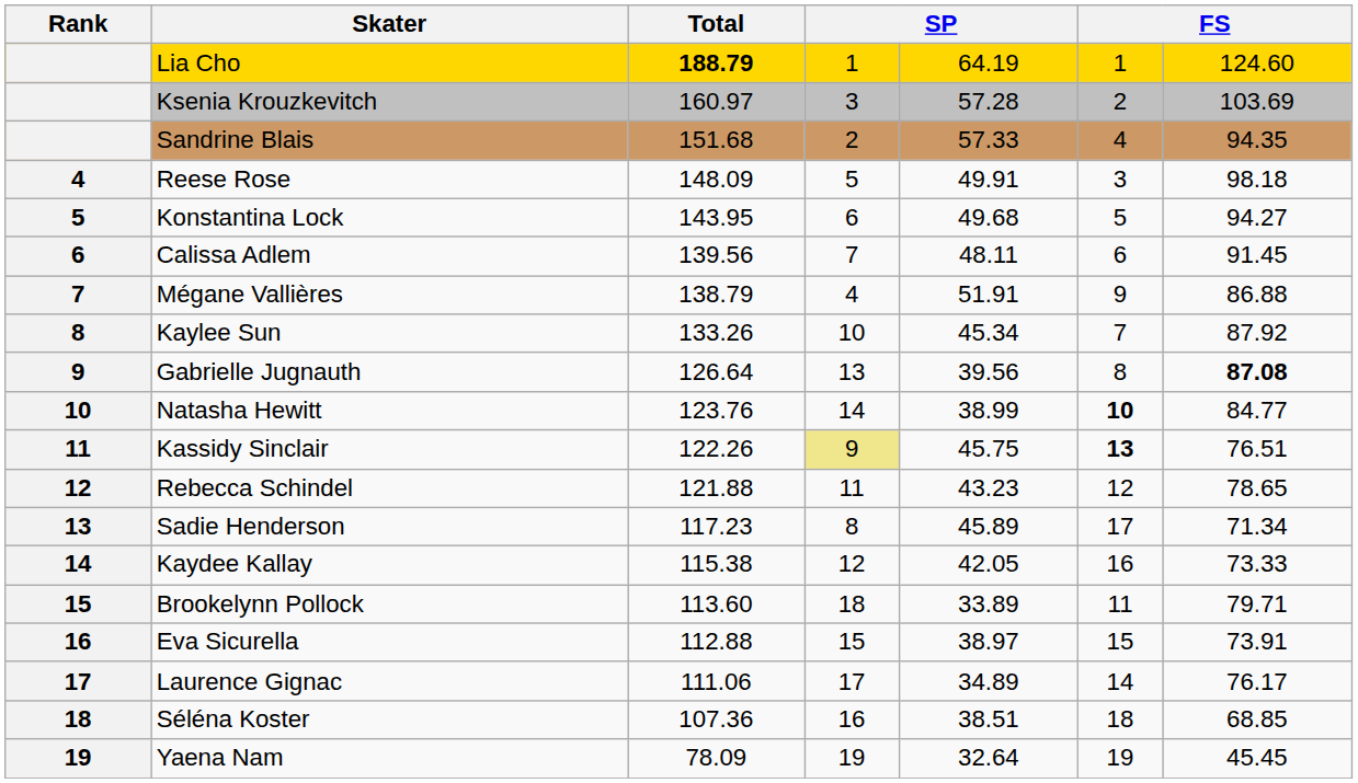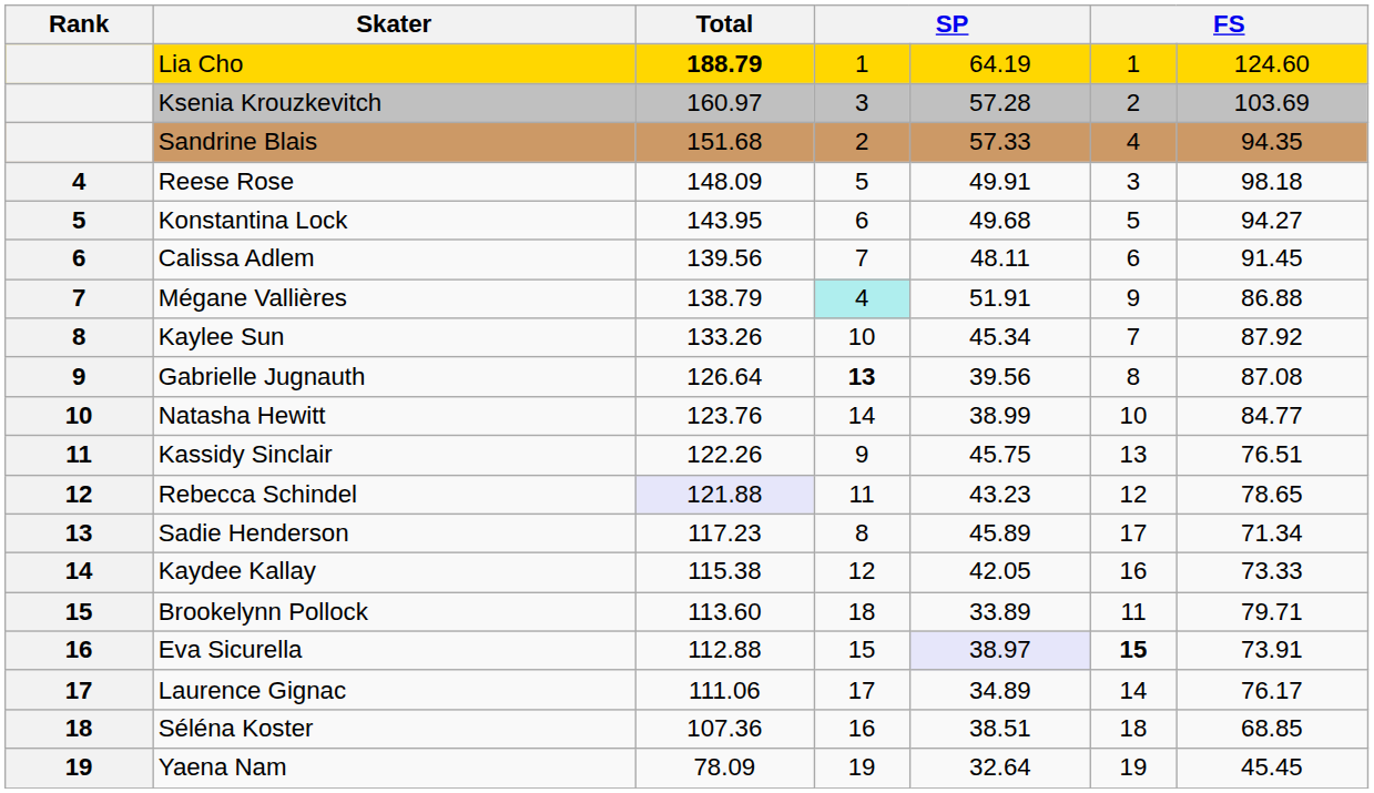 <table class="wikitable sortable" style="text-align:center; width:70%">
 <tr>
 <th scope="col">Rank</th>
 <th scope="col">Skater</th>
 <th scope="col">Total</th>
 <th scope="col" colspan="2" width="80px"><a href='#'>SP</a></th>
 <th scope="col" colspan="2" width="80px"><a href='#'>FS</a></th>
 </tr>
 <tr bgcolor="gold">
 <th scope="row"></th>
 <td align="left">Lia Cho</td>
 <td><strong>188.79</strong></td>
 <td>1</td>
 <td>64.19</td>
 <td>1</td>
 <td>124.60</td>
 </tr>
 <tr bgcolor="silver">
 <th scope="row"></th>
 <td align="left">Ksenia Krouzkevitch</td>
 <td>160.97</td>
 <td>3</td>
 <td>57.28</td>
 <td>2</td>
 <td>103.69</td>
 </tr>
 <tr bgcolor="cc9966">
 <th scope="row"></th>
 <td align="left">Sandrine Blais</td>
 <td>151.68</td>
 <td>2</td>
 <td>57.33</td>
 <td>4</td>
 <td>94.35</td>
 </tr>
 <tr>
 <th scope="row">4</th>
 <td align="left">Reese Rose</td>
 <td>148.09</td>
 <td>5</td>
 <td>49.91</td>
 <td>3</td>
 <td>98.18</td>
 </tr>
 <tr>
 <th scope="row">5</th>
 <td align="left">Konstantina Lock</td>
 <td>143.95</td>
 <td>6</td>
 <td>49.68</td>
 <td>5</td>
 <td>94.27</td>
 </tr>
 <tr>
 <th scope="row">6</th>
 <td align="left">Calissa Adlem</td>
 <td>139.56</td>
 <td>7</td>
 <td>48.11</td>
 <td>6</td>
 <td>91.45</td>
 </tr>
 <tr>
 <th scope="row">7</th>
 <td align="left">Mégane Vallières</td>
 <td>138.79</td>
-<td>4</td>
+<td style="background: paleturquoise;">4</td>
 <td>51.91</td>
 <td>9</td>
 <td>86.88</td>
 </tr>
 <tr>
 <th scope="row">8</th>
 <td align="left">Kaylee Sun</td>
 <td>133.26</td>
 <td>10</td>
 <td>45.34</td>
 <td>7</td>
 <td>87.92</td>
 </tr>
 <tr>
 <th scope="row">9</th>
 <td align="left">Gabrielle Jugnauth</td>
 <td>126.64</td>
-<td>13</td>
+<td><strong>13</strong></td>
 <td>39.56</td>
 <td>8</td>
-<td><strong>87.08</strong></td>
+<td>87.08</td>
 </tr>
 <tr>
 <th scope="row">10</th>
 <td align="left">Natasha Hewitt</td>
 <td>123.76</td>
 <td>14</td>
 <td>38.99</td>
-<td><strong>10</strong></td>
+<td>10</td>
 <td>84.77</td>
 </tr>
 <tr>
 <th scope="row">11</th>
 <td align="left">Kassidy Sinclair</td>
 <td>122.26</td>
-<td style="background: khaki;">9</td>
+<td>9</td>
 <td>45.75</td>
-<td><strong>13</strong></td>
+<td>13</td>
 <td>76.51</td>
 </tr>
 <tr>
 <th scope="row">12</th>
 <td align="left">Rebecca Schindel</td>
-<td>121.88</td>
+<td style="background: lavender;">121.88</td>
 <td>11</td>
 <td>43.23</td>
 <td>12</td>
 <td>78.65</td>
 </tr>
 <tr>
 <th scope="row">13</th>
 <td align="left">Sadie Henderson</td>
 <td>117.23</td>
 <td>8</td>
 <td>45.89</td>
 <td>17</td>
 <td>71.34</td>
 </tr>
 <tr>
 <th scope="row">14</th>
 <td align="left">Kaydee Kallay</td>
 <td>115.38</td>
 <td>12</td>
 <td>42.05</td>
 <td>16</td>
 <td>73.33</td>
 </tr>
 <tr>
 <th scope="row">15</th>
 <td align="left">Brookelynn Pollock</td>
 <td>113.60</td>
 <td>18</td>
 <td>33.89</td>
 <td>11</td>
 <td>79.71</td>
 </tr>
 <tr>
 <th scope="row">16</th>
 <td align="left">Eva Sicurella</td>
 <td>112.88</td>
 <td>15</td>
-<td>38.97</td>
-<td>15</td>
+<td style="background: lavender;">38.97</td>
+<td><strong>15</strong></td>
 <td>73.91</td>
 </tr>
 <tr>
 <th scope="row">17</th>
 <td align="left">Laurence Gignac</td>
 <td>111.06</td>
 <td>17</td>
 <td>34.89</td>
 <td>14</td>
 <td>76.17</td>
 </tr>
 <tr>
 <th scope="row">18</th>
 <td align="left">Séléna Koster</td>
 <td>107.36</td>
 <td>16</td>
 <td>38.51</td>
 <td>18</td>
 <td>68.85</td>
 </tr>
 <tr>
 <th scope="row">19</th>
 <td align="left">Yaena Nam</td>
 <td>78.09</td>
 <td>19</td>
 <td>32.64</td>
 <td>19</td>
 <td>45.45</td>
 </tr>
 </table>
